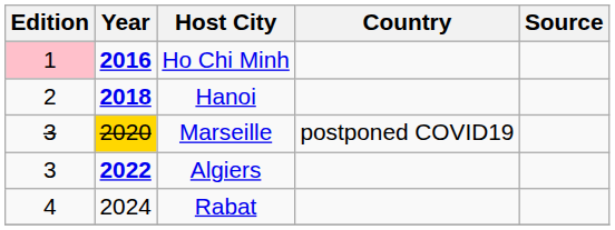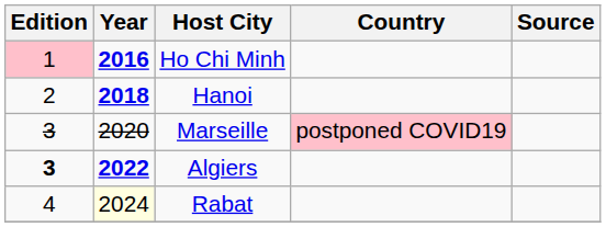 <table class="wikitable" style="text-align:center">
 <tr>
 <th>Edition</th>
 <th>Year</th>
 <th>Host City</th>
 <th>Country</th>
 <th>Source</th>
 </tr>
 <tr>
 <td style="background: pink;">1</td>
 <td><strong><a href='#'>2016</a></strong></td>
 <td><a href='#'>Ho Chi Minh</a></td>
 <td align="left"></td>
 <td></td>
 </tr>
 <tr>
 <td>2</td>
 <td><strong><a href='#'>2018</a></strong></td>
 <td><a href='#'>Hanoi</a></td>
 <td align="left"></td>
 <td></td>
 </tr>
 <tr>
 <td><s>3</s></td>
-<td style="background: gold;"><s>2020</s></td>
+<td><s>2020</s></td>
 <td><a href='#'>Marseille</a></td>
-<td>postponed COVID19</td>
+<td style="background: pink;">postponed COVID19</td>
 <td></td>
 </tr>
 <tr>
-<td>3</td>
+<td><strong>3</strong></td>
 <td><strong><a href='#'>2022</a></strong></td>
 <td><a href='#'>Algiers</a></td>
 <td align="left"></td>
 <td></td>
 </tr>
 <tr>
 <td>4</td>
-<td>2024</td>
+<td style="background: lightyellow;">2024</td>
 <td><a href='#'>Rabat</a></td>
 <td align="left"></td>
 <td></td>
 </tr>
 <tr>
 </tr>
 </table>
